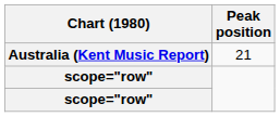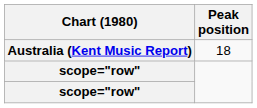 <table class="wikitable sortable plainrowheaders">
 <tr>
 <th scope="col">Chart (1980)</th>
 <th scope="col">Peak<br>position</th>
 </tr>
 <tr>
 <th scope="row">Australia (<a href='#'>Kent Music Report</a>)</th>
-<td style="text-align:center;">21</td>
+<td style="text-align:center;">18</td>
 </tr>
 <tr>
 <th>scope="row"</th>
 </tr>
 <tr>
 <th>scope="row"</th>
 </tr>
 </table>
